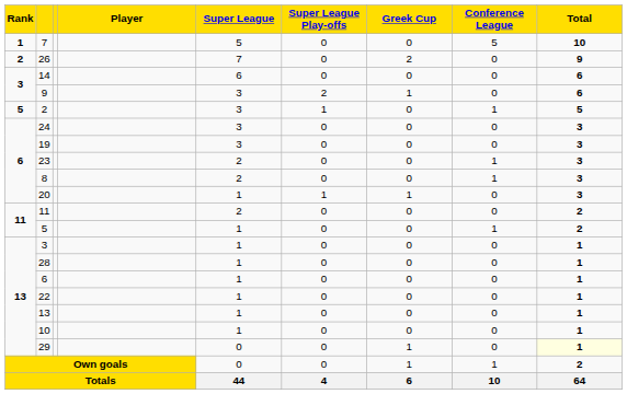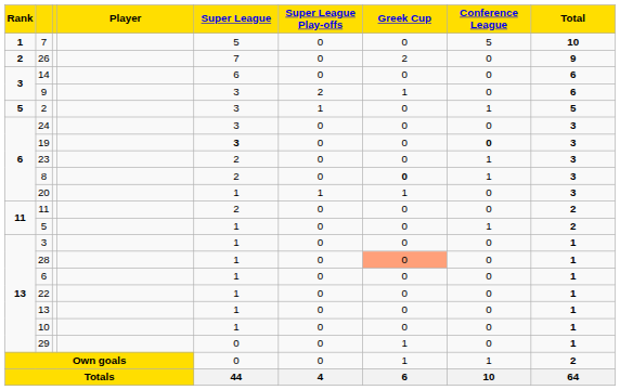 <table class="wikitable sortable" style="text-align:center">
 <tr>
 <th style="background:#FFDE00">Rank</th>
 <th style="background:#FFDE00"></th>
 <th style="background:#FFDE00"></th>
 <th width=200 style="background:#FFDE00">Player</th>
 <th width=120 style="background:#FFDE00"><a href='#'>Super League</a></th>
 <th width=120 style="background:#FFDE00"><a href='#'>Super League Play-offs</a></th>
 <th width=120 style="background:#FFDE00"><a href='#'>Greek Cup</a></th>
 <th width=120 style="background:#FFDE00"><a href='#'>Conference League</a></th>
 <th width=120 style="background:#FFDE00">Total</th>
 </tr>
 <tr>
 <td><strong>1</strong></td>
 <td>7</td>
 <td></td>
 <td align=left></td>
 <td>5</td>
 <td>0</td>
 <td>0</td>
 <td>5</td>
 <td><strong>10</strong></td>
 </tr>
 <tr>
 <td><strong>2</strong></td>
 <td>26</td>
 <td></td>
 <td align=left></td>
 <td>7</td>
 <td>0</td>
 <td>2</td>
 <td>0</td>
 <td><strong>9</strong></td>
 </tr>
 <tr>
 <td rowspan=2><strong>3</strong></td>
 <td>14</td>
 <td></td>
 <td align=left></td>
 <td>6</td>
 <td>0</td>
 <td>0</td>
 <td>0</td>
 <td><strong>6</strong></td>
 </tr>
 <tr>
 <td>9</td>
 <td></td>
 <td align=left></td>
 <td>3</td>
 <td>2</td>
 <td>1</td>
 <td>0</td>
 <td><strong>6</strong></td>
 </tr>
 <tr>
 <td><strong>5</strong></td>
 <td>2</td>
 <td></td>
 <td align=left></td>
 <td>3</td>
 <td>1</td>
 <td>0</td>
 <td>1</td>
 <td><strong>5</strong></td>
 </tr>
 <tr>
 <td rowspan=5><strong>6</strong></td>
 <td>24</td>
 <td></td>
 <td align=left></td>
 <td>3</td>
 <td>0</td>
 <td>0</td>
 <td>0</td>
 <td><strong>3</strong></td>
 </tr>
 <tr>
 <td>19</td>
 <td></td>
 <td align=left></td>
-<td>3</td>
+<td><strong>3</strong></td>
 <td>0</td>
 <td>0</td>
-<td>0</td>
+<td><strong>0</strong></td>
 <td><strong>3</strong></td>
 </tr>
 <tr>
 <td>23</td>
 <td></td>
 <td align=left></td>
 <td>2</td>
 <td>0</td>
 <td>0</td>
 <td>1</td>
 <td><strong>3</strong></td>
 </tr>
 <tr>
 <td>8</td>
 <td></td>
 <td align=left></td>
 <td>2</td>
 <td>0</td>
-<td>0</td>
+<td><strong>0</strong></td>
 <td>1</td>
 <td><strong>3</strong></td>
 </tr>
 <tr>
 <td>20</td>
 <td></td>
 <td align=left></td>
 <td>1</td>
 <td>1</td>
 <td>1</td>
 <td>0</td>
 <td><strong>3</strong></td>
 </tr>
 <tr>
 <td rowspan=2><strong>11</strong></td>
 <td>11</td>
 <td></td>
 <td align=left></td>
 <td>2</td>
 <td>0</td>
 <td>0</td>
 <td>0</td>
 <td><strong>2</strong></td>
 </tr>
 <tr>
 <td>5</td>
 <td></td>
 <td align=left></td>
 <td>1</td>
 <td>0</td>
 <td>0</td>
 <td>1</td>
 <td><strong>2</strong></td>
 </tr>
 <tr>
 <td rowspan=7><strong>13</strong></td>
 <td>3</td>
 <td></td>
 <td align=left></td>
 <td>1</td>
 <td>0</td>
 <td>0</td>
 <td>0</td>
 <td><strong>1</strong></td>
 </tr>
 <tr>
 <td>28</td>
 <td></td>
 <td align=left></td>
 <td>1</td>
 <td>0</td>
-<td>0</td>
+<td style="background: lightsalmon;">0</td>
 <td>0</td>
 <td><strong>1</strong></td>
 </tr>
 <tr>
 <td>6</td>
 <td></td>
 <td align=left></td>
 <td>1</td>
 <td>0</td>
 <td>0</td>
 <td>0</td>
 <td><strong>1</strong></td>
 </tr>
 <tr>
 <td>22</td>
 <td></td>
 <td align=left></td>
 <td>1</td>
 <td>0</td>
 <td>0</td>
 <td>0</td>
 <td><strong>1</strong></td>
 </tr>
 <tr>
 <td>13</td>
 <td></td>
 <td align=left></td>
 <td>1</td>
 <td>0</td>
 <td>0</td>
 <td>0</td>
 <td><strong>1</strong></td>
 </tr>
 <tr>
 <td>10</td>
 <td></td>
 <td align=left></td>
 <td>1</td>
 <td>0</td>
 <td>0</td>
 <td>0</td>
 <td><strong>1</strong></td>
 </tr>
 <tr>
 <td>29</td>
 <td></td>
 <td align=left></td>
 <td>0</td>
 <td>0</td>
 <td>1</td>
 <td>0</td>
-<td style="background: lightyellow;"><strong>1</strong></td>
+<td><strong>1</strong></td>
 </tr>
 <tr class="sortbottom">
 <td colspan=4 style="background:#FFDE00"><strong>Own goals</strong></td>
 <td>0</td>
 <td>0</td>
 <td>1</td>
 <td>1</td>
 <td><strong>2</strong></td>
 </tr>
 <tr class="sortbottom">
 <th colspan=4 style="background:#FFDE00"><strong>Totals</strong></th>
 <th><strong>44</strong></th>
 <th><strong> 4</strong></th>
 <th><strong> 6</strong></th>
 <th><strong>10</strong></th>
 <th><strong>64</strong></th>
 </tr>
 </table>
